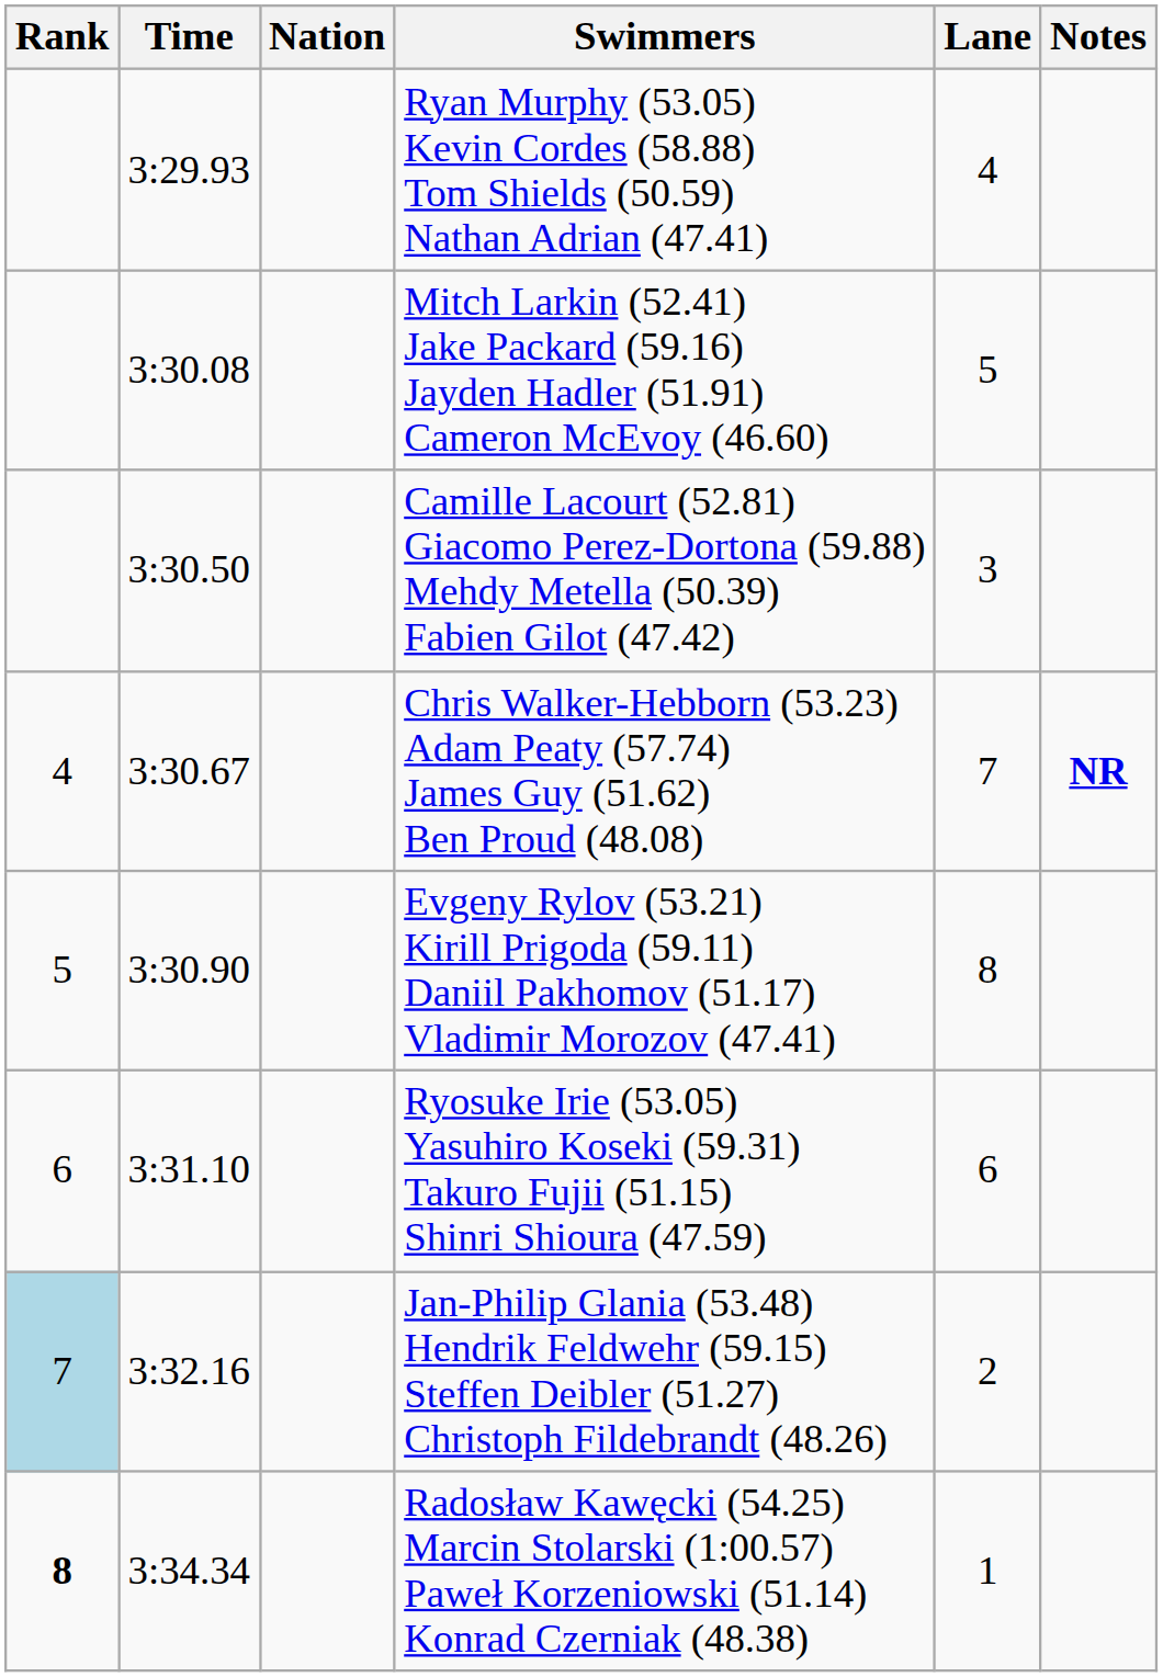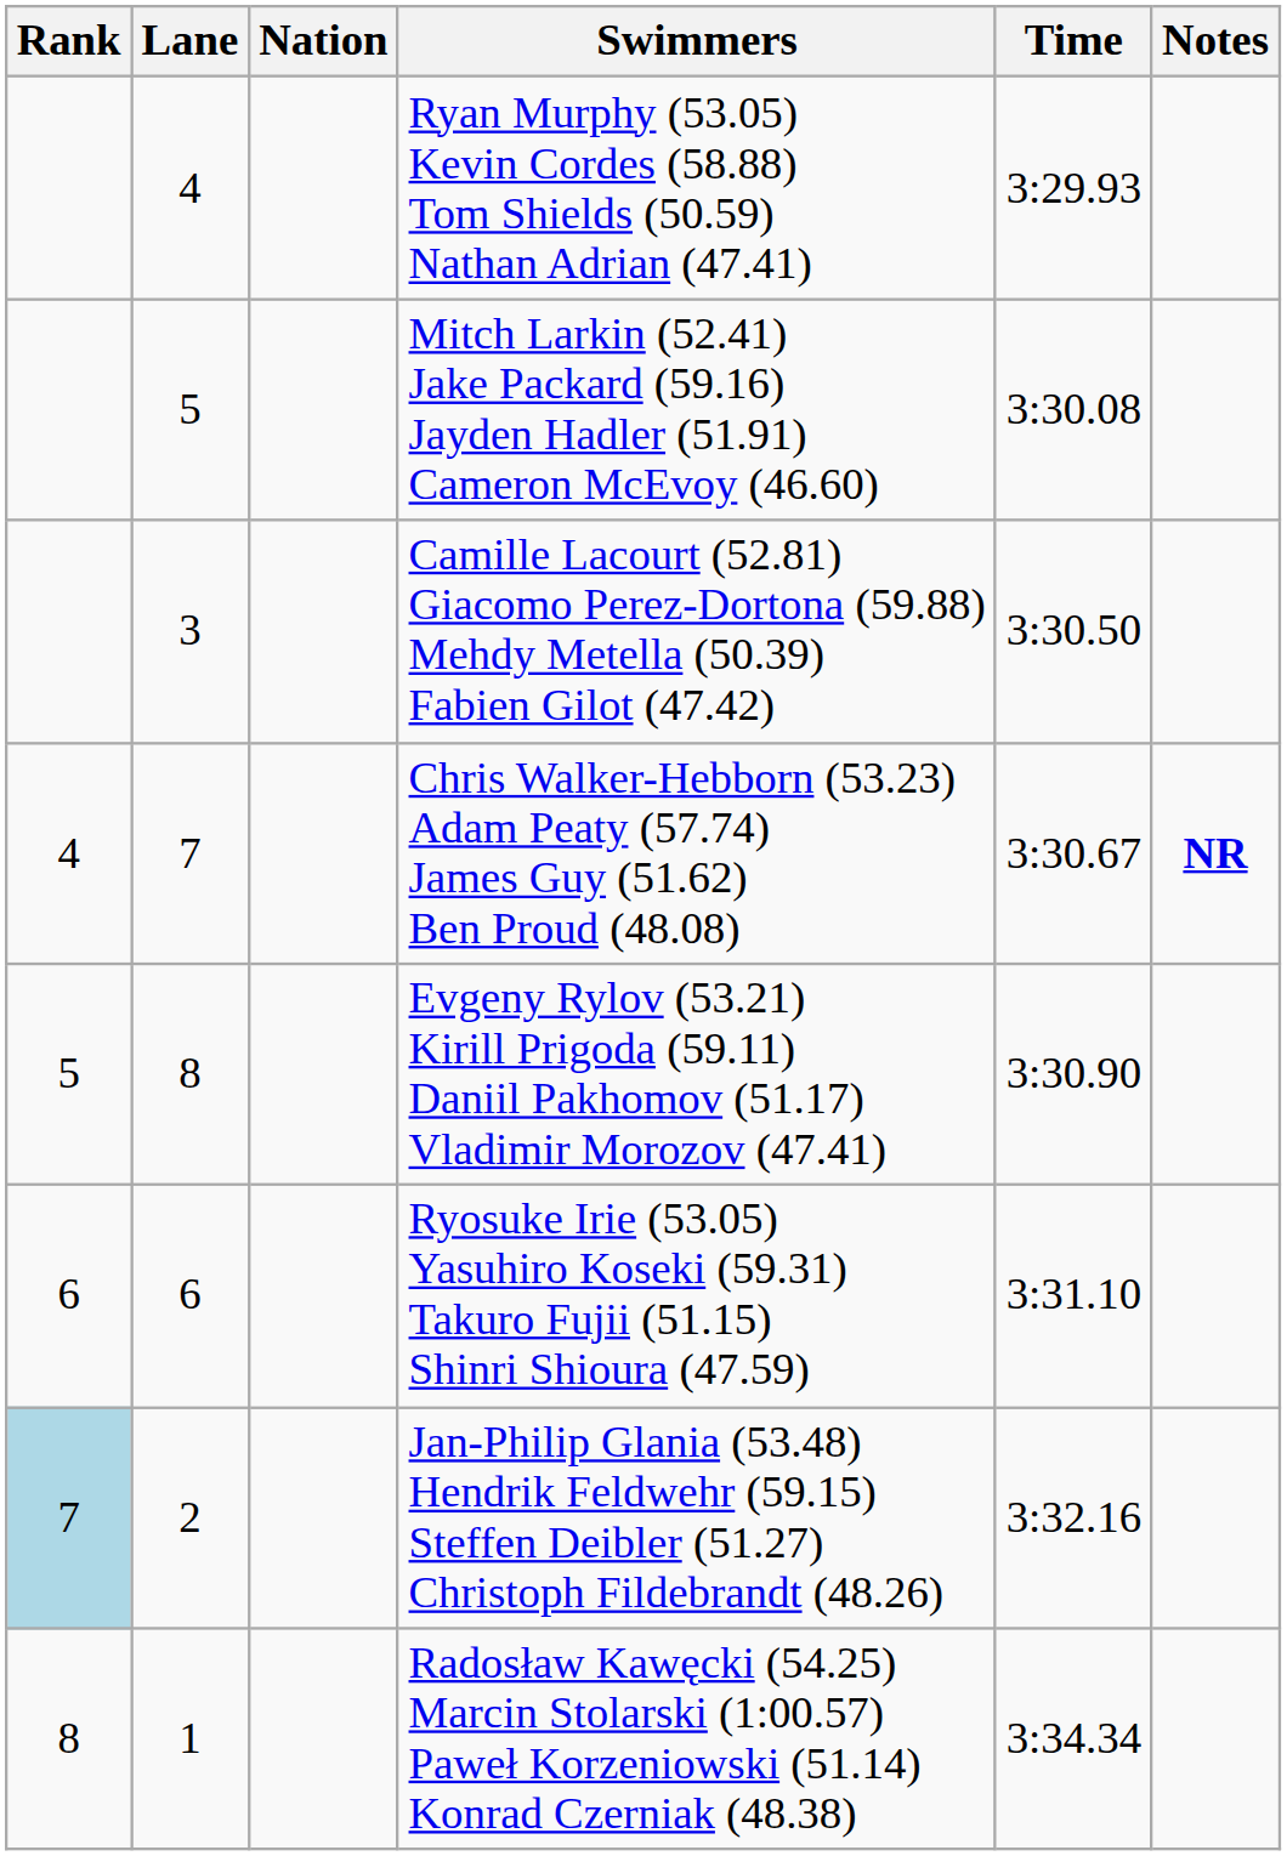 <table class="wikitable sortable" style="text-align:center">
 <tr>
 <th>Rank</th>
-<th>Time</th>
+<th>Lane</th>
 <th>Nation</th>
 <th>Swimmers</th>
-<th>Lane</th>
+<th>Time</th>
 <th>Notes</th>
 </tr>
 <tr>
 <td></td>
-<td>3:29.93</td>
+<td>4</td>
 <td align=left></td>
 <td align=left><a href='#'>Ryan Murphy</a> (53.05)<br><a href='#'>Kevin Cordes</a> (58.88)<br><a href='#'>Tom Shields</a> (50.59)<br><a href='#'>Nathan Adrian</a> (47.41)</td>
-<td>4</td>
+<td>3:29.93</td>
 <td></td>
 </tr>
 <tr>
 <td></td>
-<td>3:30.08</td>
+<td>5</td>
 <td align=left></td>
 <td align=left><a href='#'>Mitch Larkin</a> (52.41)<br><a href='#'>Jake Packard</a> (59.16)<br><a href='#'>Jayden Hadler</a> (51.91)<br><a href='#'>Cameron McEvoy</a> (46.60)</td>
-<td>5</td>
+<td>3:30.08</td>
 <td></td>
 </tr>
 <tr>
 <td></td>
-<td>3:30.50</td>
+<td>3</td>
 <td align=left></td>
 <td align=left><a href='#'>Camille Lacourt</a> (52.81)<br><a href='#'>Giacomo Perez-Dortona</a> (59.88)<br><a href='#'>Mehdy Metella</a> (50.39)<br><a href='#'>Fabien Gilot</a> (47.42)</td>
-<td>3</td>
+<td>3:30.50</td>
 <td></td>
 </tr>
 <tr>
 <td>4</td>
-<td>3:30.67</td>
+<td>7</td>
 <td align=left></td>
 <td align=left><a href='#'>Chris Walker-Hebborn</a> (53.23)<br><a href='#'>Adam Peaty</a> (57.74)<br><a href='#'>James Guy</a> (51.62)<br><a href='#'>Ben Proud</a> (48.08)</td>
-<td>7</td>
+<td>3:30.67</td>
 <td><strong><a href='#'>NR</a></strong></td>
 </tr>
 <tr>
 <td>5</td>
-<td>3:30.90</td>
+<td>8</td>
 <td align=left></td>
 <td align=left><a href='#'>Evgeny Rylov</a> (53.21)<br><a href='#'>Kirill Prigoda</a> (59.11)<br><a href='#'>Daniil Pakhomov</a> (51.17)<br><a href='#'>Vladimir Morozov</a> (47.41)</td>
-<td>8</td>
+<td>3:30.90</td>
 <td></td>
 </tr>
 <tr>
 <td>6</td>
-<td>3:31.10</td>
+<td>6</td>
 <td align=left></td>
 <td align=left><a href='#'>Ryosuke Irie</a> (53.05)<br><a href='#'>Yasuhiro Koseki</a> (59.31)<br><a href='#'>Takuro Fujii</a> (51.15)<br><a href='#'>Shinri Shioura</a> (47.59)</td>
-<td>6</td>
+<td>3:31.10</td>
 <td></td>
 </tr>
 <tr>
 <td style="background: lightblue;">7</td>
-<td>3:32.16</td>
+<td>2</td>
 <td align=left></td>
 <td align=left><a href='#'>Jan-Philip Glania</a> (53.48)<br><a href='#'>Hendrik Feldwehr</a> (59.15)<br><a href='#'>Steffen Deibler</a> (51.27)<br><a href='#'>Christoph Fildebrandt</a> (48.26)</td>
-<td>2</td>
+<td>3:32.16</td>
 <td></td>
 </tr>
 <tr>
-<td><strong>8</strong></td>
-<td>3:34.34</td>
+<td>8</td>
+<td>1</td>
 <td align=left></td>
 <td align=left><a href='#'>Radosław Kawęcki</a> (54.25)<br><a href='#'>Marcin Stolarski</a> (1:00.57)<br><a href='#'>Paweł Korzeniowski</a> (51.14)<br><a href='#'>Konrad Czerniak</a> (48.38)</td>
-<td>1</td>
+<td>3:34.34</td>
 <td></td>
 </tr>
 </table>
